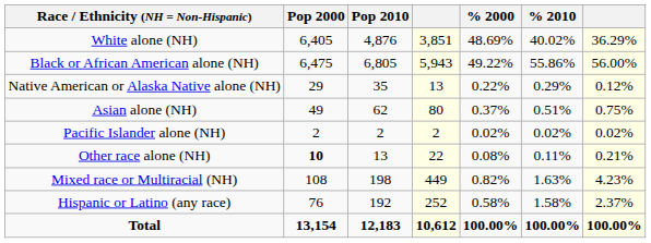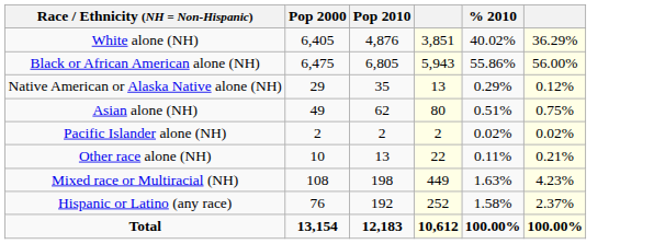 <table class="wikitable" style="text-align:center;">
 <tr>
 <th>Race / Ethnicity <small>(<em>NH = Non-Hispanic</em>)</small></th>
 <th>Pop 2000</th>
 <th>Pop 2010</th>
 <th></th>
-<th>% 2000</th>
 <th>% 2010</th>
 <th></th>
 </tr>
 <tr>
 <td><a href='#'>White</a> alone (NH)</td>
 <td>6,405</td>
 <td>4,876</td>
 <td style='background: #ffffe6;'>3,851</td>
-<td>48.69%</td>
 <td>40.02%</td>
 <td style='background: #ffffe6;'>36.29%</td>
 </tr>
 <tr>
 <td><a href='#'>Black or African American</a> alone (NH)</td>
 <td>6,475</td>
 <td>6,805</td>
 <td style='background: #ffffe6;'>5,943</td>
-<td>49.22%</td>
 <td>55.86%</td>
 <td style='background: #ffffe6;'>56.00%</td>
 </tr>
 <tr>
 <td>Native American or <a href='#'>Alaska Native</a> alone (NH)</td>
 <td>29</td>
 <td>35</td>
 <td style='background: #ffffe6;'>13</td>
-<td>0.22%</td>
 <td>0.29%</td>
 <td style='background: #ffffe6;'>0.12%</td>
 </tr>
 <tr>
 <td><a href='#'>Asian</a> alone (NH)</td>
 <td>49</td>
 <td>62</td>
 <td style='background: #ffffe6;'>80</td>
-<td>0.37%</td>
 <td>0.51%</td>
 <td style='background: #ffffe6;'>0.75%</td>
 </tr>
 <tr>
 <td><a href='#'>Pacific Islander</a> alone (NH)</td>
 <td>2</td>
 <td>2</td>
 <td style='background: #ffffe6;'>2</td>
 <td>0.02%</td>
-<td>0.02%</td>
 <td style='background: #ffffe6;'>0.02%</td>
 </tr>
 <tr>
 <td><a href='#'>Other race</a> alone (NH)</td>
-<td><strong>10</strong></td>
+<td>10</td>
 <td>13</td>
 <td style='background: #ffffe6;'>22</td>
-<td>0.08%</td>
 <td>0.11%</td>
 <td style='background: #ffffe6;'>0.21%</td>
 </tr>
 <tr>
 <td><a href='#'>Mixed race or Multiracial</a> (NH)</td>
 <td>108</td>
 <td>198</td>
 <td style='background: #ffffe6;'>449</td>
-<td>0.82%</td>
 <td>1.63%</td>
 <td style='background: #ffffe6;'>4.23%</td>
 </tr>
 <tr>
 <td><a href='#'>Hispanic or Latino</a> (any race)</td>
 <td>76</td>
 <td>192</td>
 <td style='background: #ffffe6;'>252</td>
-<td>0.58%</td>
 <td>1.58%</td>
 <td style='background: #ffffe6;'>2.37%</td>
 </tr>
 <tr>
 <td><strong>Total</strong></td>
 <td><strong>13,154</strong></td>
 <td><strong>12,183</strong></td>
 <td style='background: #ffffe6;'><strong>10,612</strong></td>
 <td><strong>100.00%</strong></td>
-<td><strong>100.00%</strong></td>
 <td style='background: #ffffe6;'><strong>100.00%</strong></td>
 </tr>
 </table>
